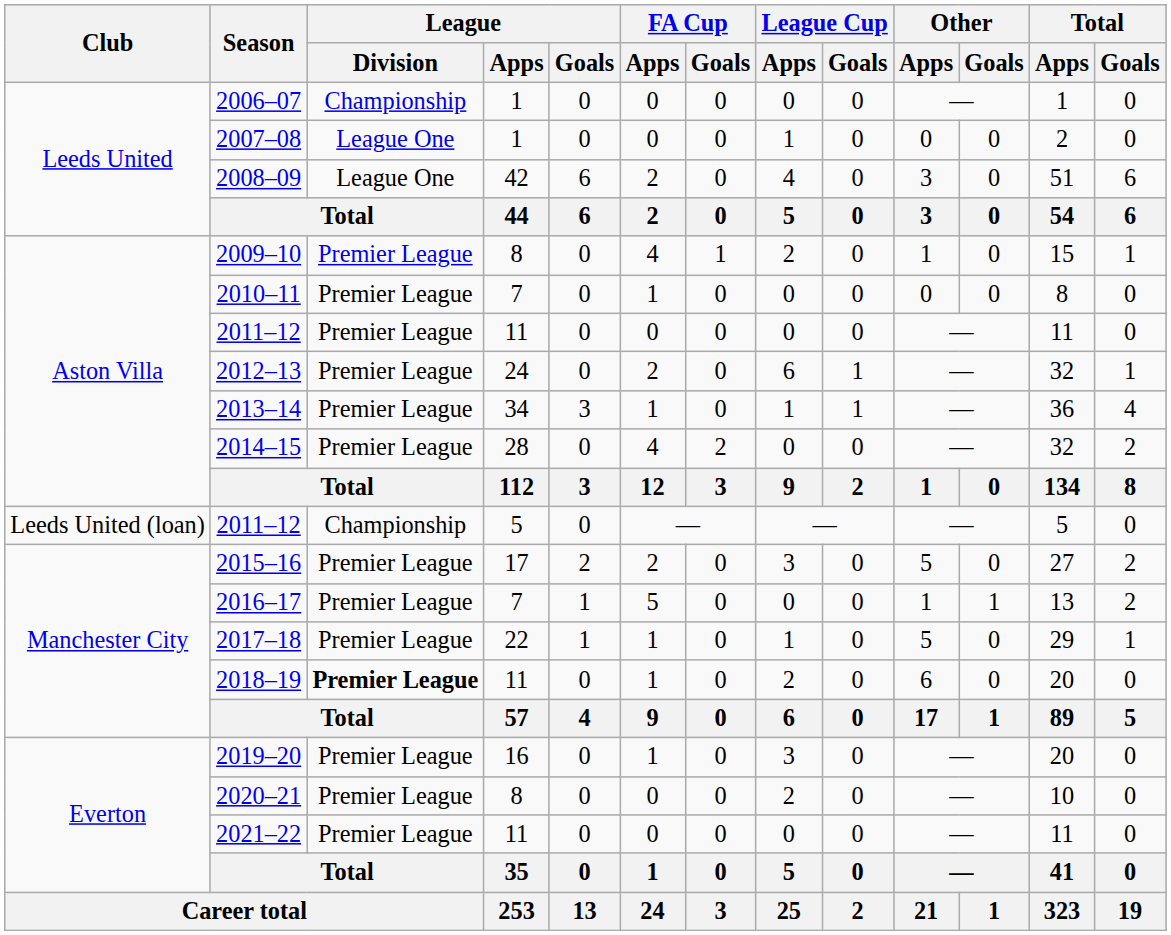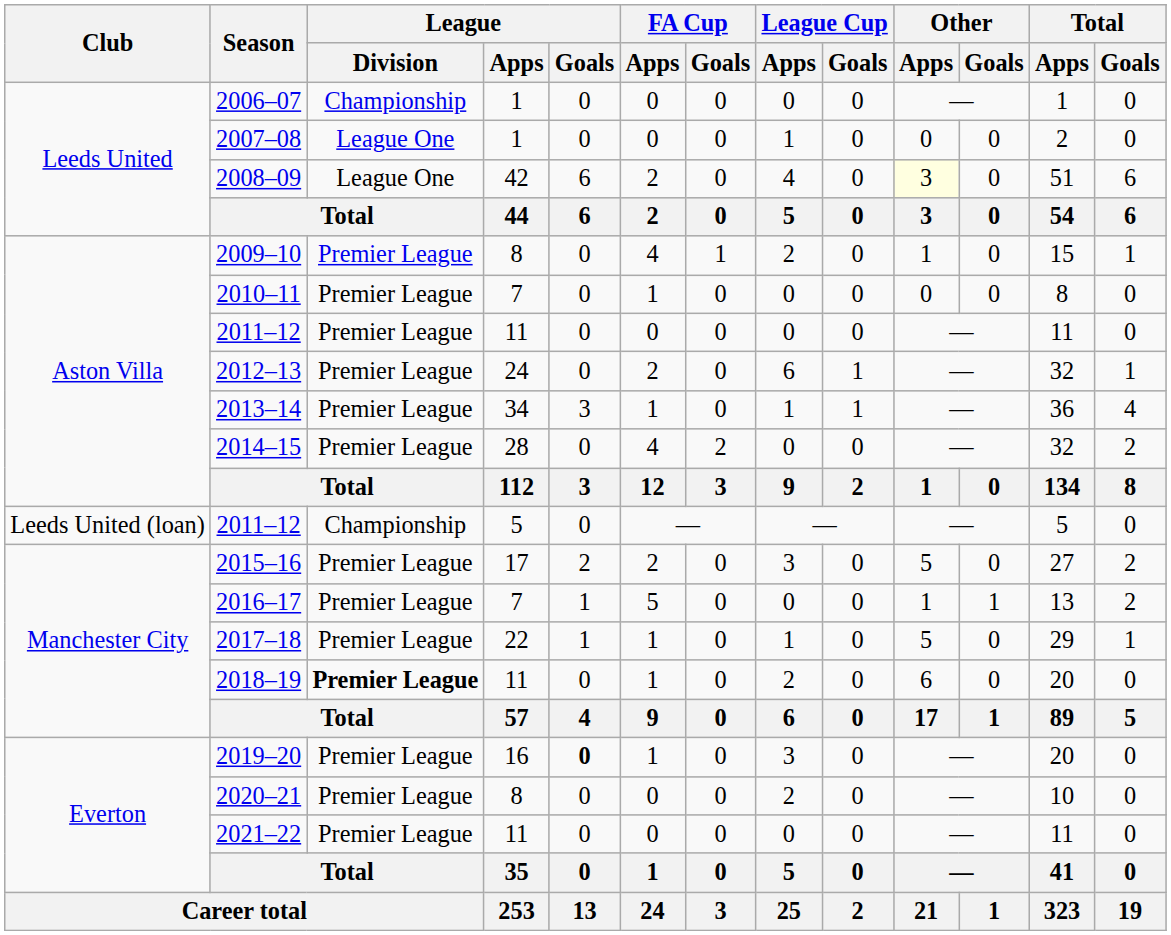 <table class="wikitable" style="text-align: center;">
 <tr>
 <th rowspan="2">Club</th>
 <th rowspan="2">Season</th>
 <th colspan="3">League</th>
 <th colspan="2"><a href='#'>FA Cup</a></th>
 <th colspan="2"><a href='#'>League Cup</a></th>
 <th colspan="2">Other</th>
 <th colspan="2">Total</th>
 </tr>
 <tr>
 <th>Division</th>
 <th>Apps</th>
 <th>Goals</th>
 <th>Apps</th>
 <th>Goals</th>
 <th>Apps</th>
 <th>Goals</th>
 <th>Apps</th>
 <th>Goals</th>
 <th>Apps</th>
 <th>Goals</th>
 </tr>
 <tr>
 <td rowspan="4"><a href='#'>Leeds United</a></td>
 <td><a href='#'>2006–07</a></td>
 <td><a href='#'>Championship</a></td>
 <td>1</td>
 <td>0</td>
 <td>0</td>
 <td>0</td>
 <td>0</td>
 <td>0</td>
 <td colspan="2">—</td>
 <td>1</td>
 <td>0</td>
 </tr>
 <tr>
 <td><a href='#'>2007–08</a></td>
 <td><a href='#'>League One</a></td>
 <td>1</td>
 <td>0</td>
 <td>0</td>
 <td>0</td>
 <td>1</td>
 <td>0</td>
 <td>0</td>
 <td>0</td>
 <td>2</td>
 <td>0</td>
 </tr>
 <tr>
 <td><a href='#'>2008–09</a></td>
 <td>League One</td>
 <td>42</td>
 <td>6</td>
 <td>2</td>
 <td>0</td>
 <td>4</td>
 <td>0</td>
-<td>3</td>
+<td style="background: lightyellow;">3</td>
 <td>0</td>
 <td>51</td>
 <td>6</td>
 </tr>
 <tr>
 <th colspan="2">Total</th>
 <th>44</th>
 <th>6</th>
 <th>2</th>
 <th>0</th>
 <th>5</th>
 <th>0</th>
 <th>3</th>
 <th>0</th>
 <th>54</th>
 <th>6</th>
 </tr>
 <tr>
 <td rowspan="7"><a href='#'>Aston Villa</a></td>
 <td><a href='#'>2009–10</a></td>
 <td><a href='#'>Premier League</a></td>
 <td>8</td>
 <td>0</td>
 <td>4</td>
 <td>1</td>
 <td>2</td>
 <td>0</td>
 <td>1</td>
 <td>0</td>
 <td>15</td>
 <td>1</td>
 </tr>
 <tr>
 <td><a href='#'>2010–11</a></td>
 <td>Premier League</td>
 <td>7</td>
 <td>0</td>
 <td>1</td>
 <td>0</td>
 <td>0</td>
 <td>0</td>
 <td>0</td>
 <td>0</td>
 <td>8</td>
 <td>0</td>
 </tr>
 <tr>
 <td><a href='#'>2011–12</a></td>
 <td>Premier League</td>
 <td>11</td>
 <td>0</td>
 <td>0</td>
 <td>0</td>
 <td>0</td>
 <td>0</td>
 <td colspan="2">—</td>
 <td>11</td>
 <td>0</td>
 </tr>
 <tr>
 <td><a href='#'>2012–13</a></td>
 <td>Premier League</td>
 <td>24</td>
 <td>0</td>
 <td>2</td>
 <td>0</td>
 <td>6</td>
 <td>1</td>
 <td colspan="2">—</td>
 <td>32</td>
 <td>1</td>
 </tr>
 <tr>
 <td><a href='#'>2013–14</a></td>
 <td>Premier League</td>
 <td>34</td>
 <td>3</td>
 <td>1</td>
 <td>0</td>
 <td>1</td>
 <td>1</td>
 <td colspan="2">—</td>
 <td>36</td>
 <td>4</td>
 </tr>
 <tr>
 <td><a href='#'>2014–15</a></td>
 <td>Premier League</td>
 <td>28</td>
 <td>0</td>
 <td>4</td>
 <td>2</td>
 <td>0</td>
 <td>0</td>
 <td colspan="2">—</td>
 <td>32</td>
 <td>2</td>
 </tr>
 <tr>
 <th colspan="2">Total</th>
 <th>112</th>
 <th>3</th>
 <th>12</th>
 <th>3</th>
 <th>9</th>
 <th>2</th>
 <th>1</th>
 <th>0</th>
 <th>134</th>
 <th>8</th>
 </tr>
 <tr>
 <td>Leeds United (loan)</td>
 <td><a href='#'>2011–12</a></td>
 <td>Championship</td>
 <td>5</td>
 <td>0</td>
 <td colspan="2">—</td>
 <td colspan="2">—</td>
 <td colspan="2">—</td>
 <td>5</td>
 <td>0</td>
 </tr>
 <tr>
 <td rowspan="5"><a href='#'>Manchester City</a></td>
 <td><a href='#'>2015–16</a></td>
 <td>Premier League</td>
 <td>17</td>
 <td>2</td>
 <td>2</td>
 <td>0</td>
 <td>3</td>
 <td>0</td>
 <td>5</td>
 <td>0</td>
 <td>27</td>
 <td>2</td>
 </tr>
 <tr>
 <td><a href='#'>2016–17</a></td>
 <td>Premier League</td>
 <td>7</td>
 <td>1</td>
 <td>5</td>
 <td>0</td>
 <td>0</td>
 <td>0</td>
 <td>1</td>
 <td>1</td>
 <td>13</td>
 <td>2</td>
 </tr>
 <tr>
 <td><a href='#'>2017–18</a></td>
 <td>Premier League</td>
 <td>22</td>
 <td>1</td>
 <td>1</td>
 <td>0</td>
 <td>1</td>
 <td>0</td>
 <td>5</td>
 <td>0</td>
 <td>29</td>
 <td>1</td>
 </tr>
 <tr>
 <td><a href='#'>2018–19</a></td>
 <td><strong>Premier League</strong></td>
 <td>11</td>
 <td>0</td>
 <td>1</td>
 <td>0</td>
 <td>2</td>
 <td>0</td>
 <td>6</td>
 <td>0</td>
 <td>20</td>
 <td>0</td>
 </tr>
 <tr>
 <th colspan="2">Total</th>
 <th>57</th>
 <th>4</th>
 <th>9</th>
 <th>0</th>
 <th>6</th>
 <th>0</th>
 <th>17</th>
 <th>1</th>
 <th>89</th>
 <th>5</th>
 </tr>
 <tr>
 <td rowspan="4"><a href='#'>Everton</a></td>
 <td><a href='#'>2019–20</a></td>
 <td>Premier League</td>
 <td>16</td>
-<td>0</td>
+<td><strong>0</strong></td>
 <td>1</td>
 <td>0</td>
 <td>3</td>
 <td>0</td>
 <td colspan="2">—</td>
 <td>20</td>
 <td>0</td>
 </tr>
 <tr>
 <td><a href='#'>2020–21</a></td>
 <td>Premier League</td>
 <td>8</td>
 <td>0</td>
 <td>0</td>
 <td>0</td>
 <td>2</td>
 <td>0</td>
 <td colspan="2">—</td>
 <td>10</td>
 <td>0</td>
 </tr>
 <tr>
 <td><a href='#'>2021–22</a></td>
 <td>Premier League</td>
 <td>11</td>
 <td>0</td>
 <td>0</td>
 <td>0</td>
 <td>0</td>
 <td>0</td>
 <td colspan="2">—</td>
 <td>11</td>
 <td>0</td>
 </tr>
 <tr>
 <th colspan="2">Total</th>
 <th>35</th>
 <th>0</th>
 <th>1</th>
 <th>0</th>
 <th>5</th>
 <th>0</th>
 <th colspan="2">—</th>
 <th>41</th>
 <th>0</th>
 </tr>
 <tr>
 <th colspan="3">Career total</th>
 <th>253</th>
 <th>13</th>
 <th>24</th>
 <th>3</th>
 <th>25</th>
 <th>2</th>
 <th>21</th>
 <th>1</th>
 <th>323</th>
 <th>19</th>
 </tr>
 </table>
